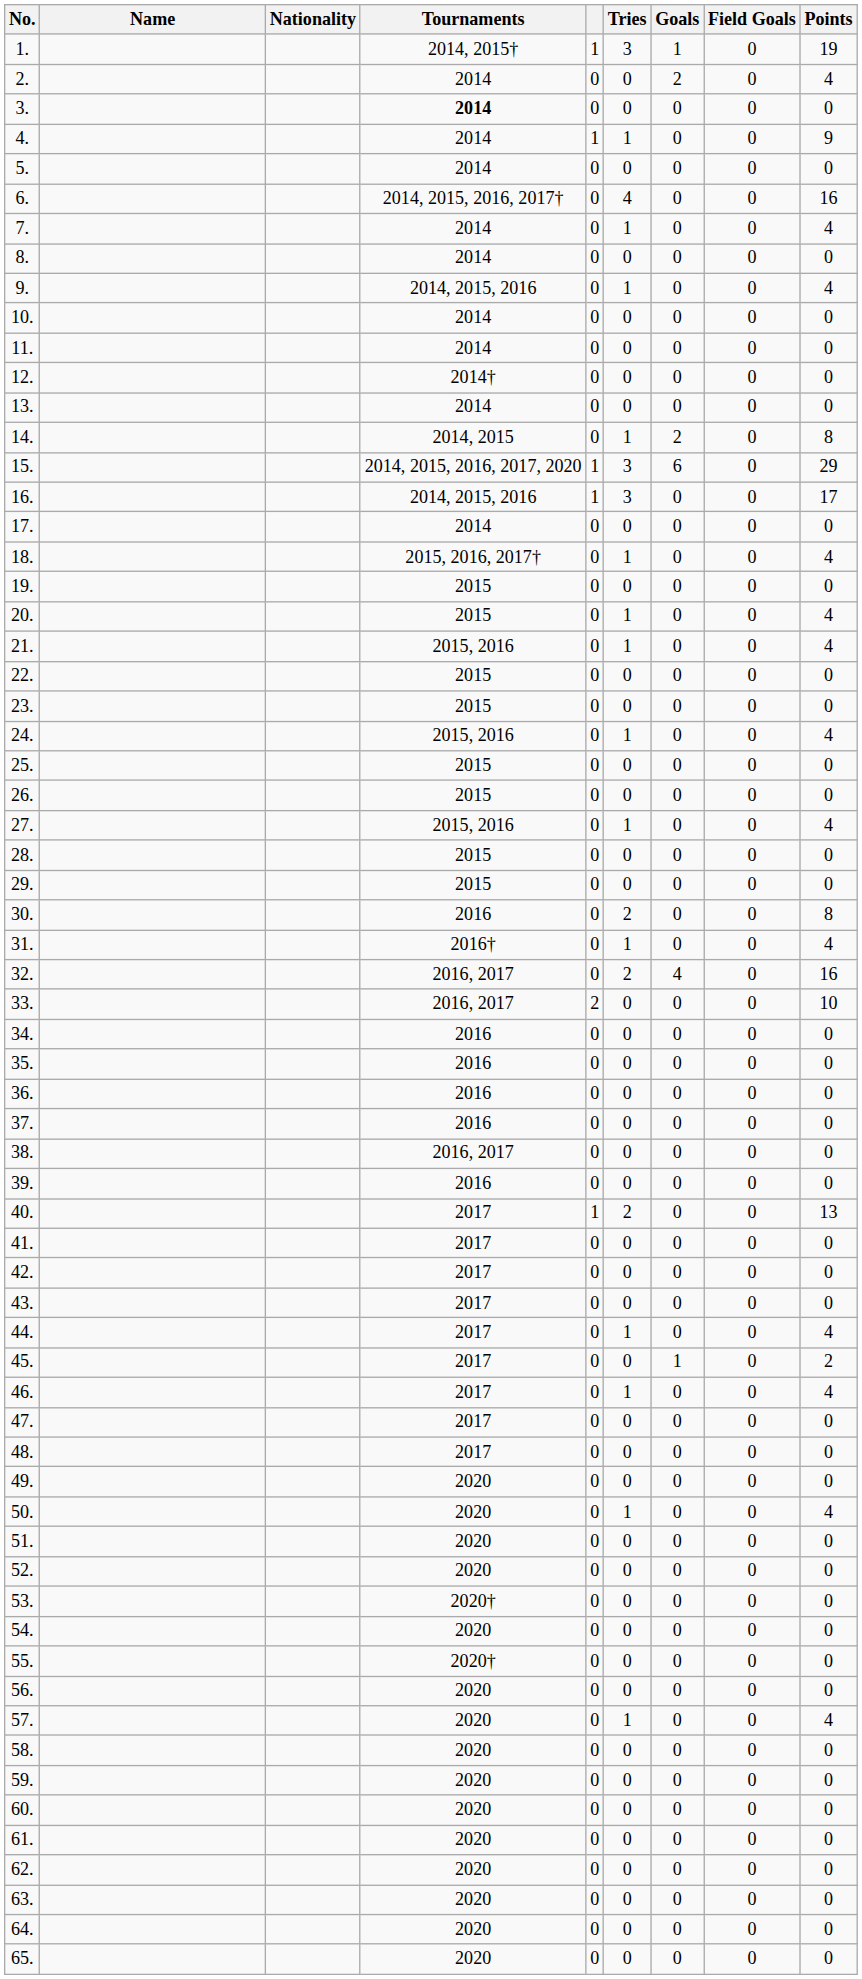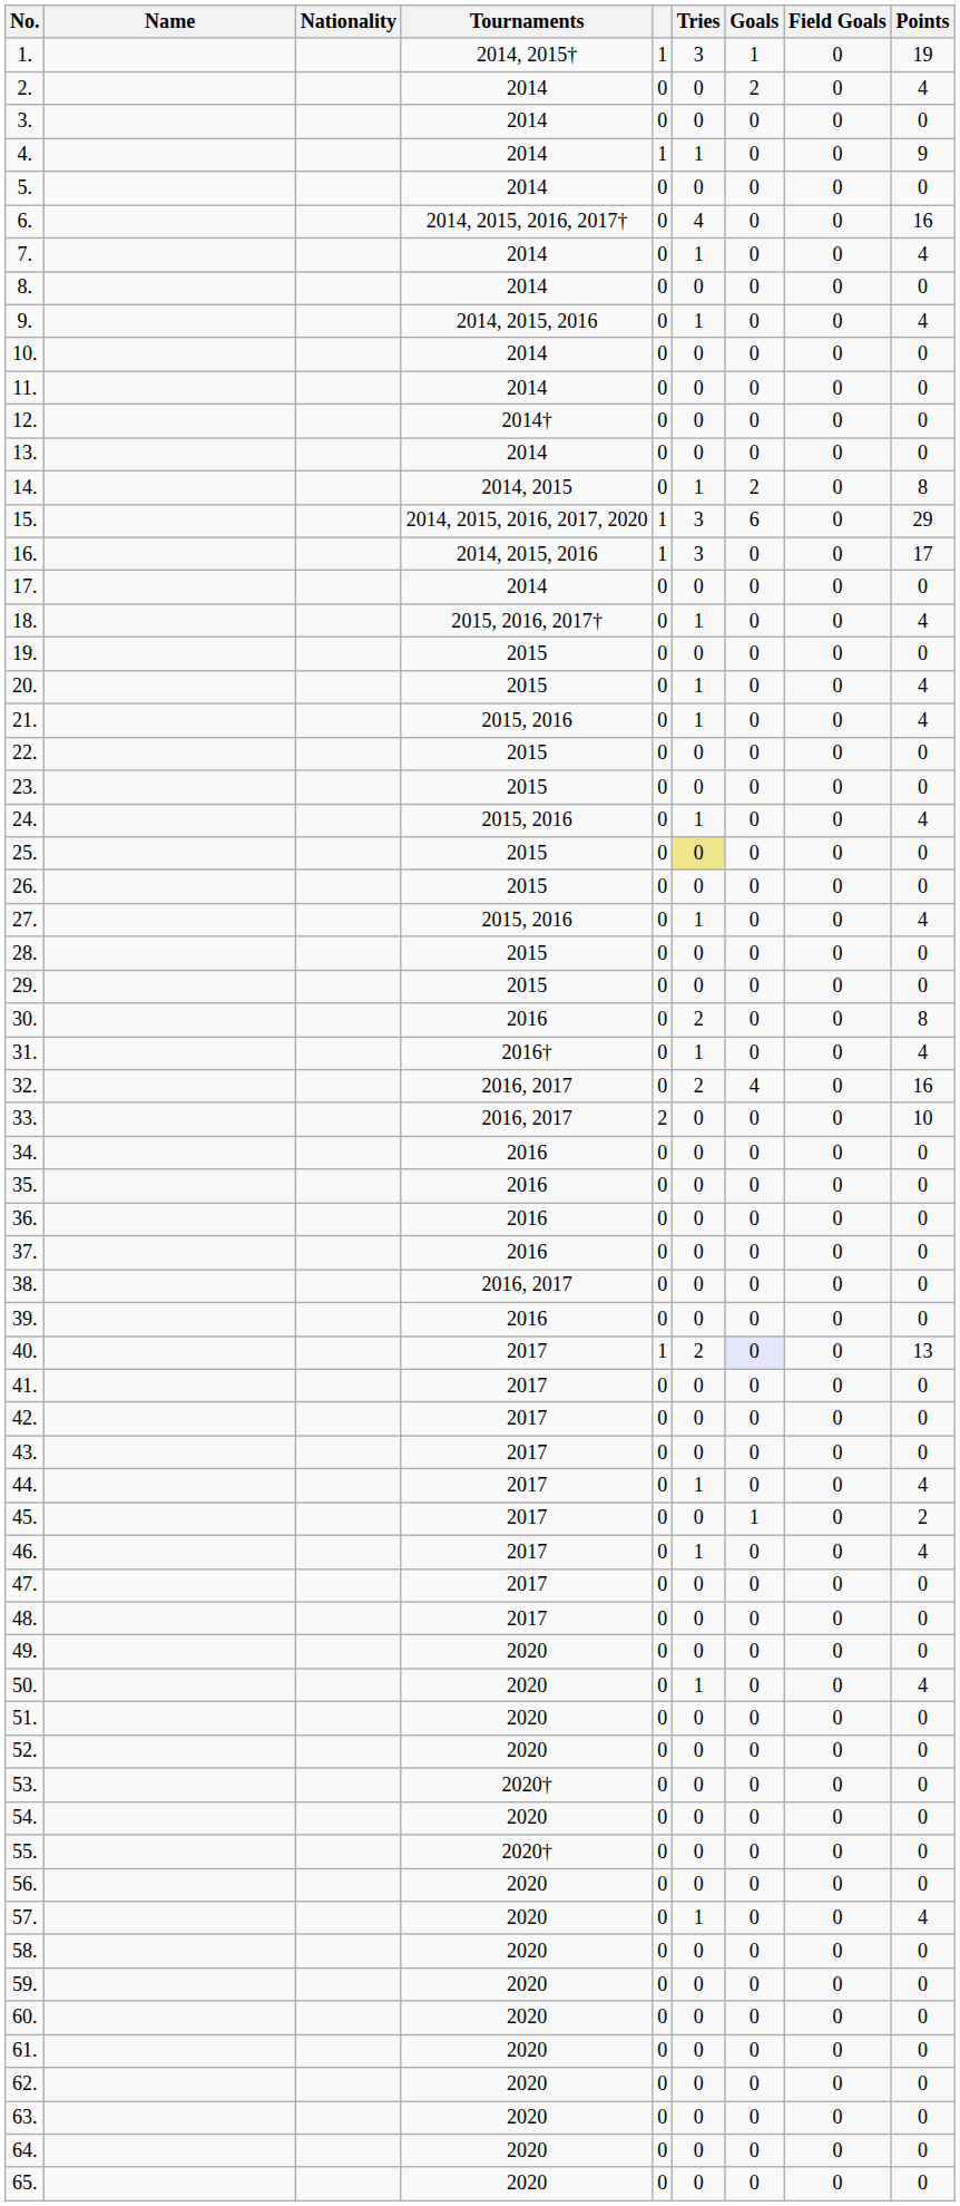 <table class="wikitable sortable" style="text-align: center; font-size:85%">
 <tr>
 <th>No.</th>
 <th style="width:12em">Name</th>
 <th>Nationality</th>
 <th>Tournaments</th>
 <th></th>
 <th>Tries</th>
 <th>Goals</th>
 <th>Field Goals</th>
 <th>Points</th>
 </tr>
 <tr>
 <td>1.</td>
 <td></td>
 <td></td>
 <td>2014, 2015†</td>
 <td>1</td>
 <td>3</td>
 <td>1</td>
 <td>0</td>
 <td>19</td>
 </tr>
 <tr>
 <td>2.</td>
 <td></td>
 <td></td>
 <td>2014</td>
 <td>0</td>
 <td>0</td>
 <td>2</td>
 <td>0</td>
 <td>4</td>
 </tr>
 <tr>
 <td>3.</td>
 <td></td>
 <td></td>
-<td><strong>2014</strong></td>
+<td>2014</td>
 <td>0</td>
 <td>0</td>
 <td>0</td>
 <td>0</td>
 <td>0</td>
 </tr>
 <tr>
 <td>4.</td>
 <td></td>
 <td></td>
 <td>2014</td>
 <td>1</td>
 <td>1</td>
 <td>0</td>
 <td>0</td>
 <td>9</td>
 </tr>
 <tr>
 <td>5.</td>
 <td></td>
 <td></td>
 <td>2014</td>
 <td>0</td>
 <td>0</td>
 <td>0</td>
 <td>0</td>
 <td>0</td>
 </tr>
 <tr>
 <td>6.</td>
 <td></td>
 <td></td>
 <td>2014, 2015, 2016, 2017†</td>
 <td>0</td>
 <td>4</td>
 <td>0</td>
 <td>0</td>
 <td>16</td>
 </tr>
 <tr>
 <td>7.</td>
 <td></td>
 <td></td>
 <td>2014</td>
 <td>0</td>
 <td>1</td>
 <td>0</td>
 <td>0</td>
 <td>4</td>
 </tr>
 <tr>
 <td>8.</td>
 <td></td>
 <td></td>
 <td>2014</td>
 <td>0</td>
 <td>0</td>
 <td>0</td>
 <td>0</td>
 <td>0</td>
 </tr>
 <tr>
 <td>9.</td>
 <td></td>
 <td></td>
 <td>2014, 2015, 2016</td>
 <td>0</td>
 <td>1</td>
 <td>0</td>
 <td>0</td>
 <td>4</td>
 </tr>
 <tr>
 <td>10.</td>
 <td></td>
 <td></td>
 <td>2014</td>
 <td>0</td>
 <td>0</td>
 <td>0</td>
 <td>0</td>
 <td>0</td>
 </tr>
 <tr>
 <td>11.</td>
 <td></td>
 <td></td>
 <td>2014</td>
 <td>0</td>
 <td>0</td>
 <td>0</td>
 <td>0</td>
 <td>0</td>
 </tr>
 <tr>
 <td>12.</td>
 <td></td>
 <td></td>
 <td>2014†</td>
 <td>0</td>
 <td>0</td>
 <td>0</td>
 <td>0</td>
 <td>0</td>
 </tr>
 <tr>
 <td>13.</td>
 <td></td>
 <td></td>
 <td>2014</td>
 <td>0</td>
 <td>0</td>
 <td>0</td>
 <td>0</td>
 <td>0</td>
 </tr>
 <tr>
 <td>14.</td>
 <td></td>
 <td></td>
 <td>2014, 2015</td>
 <td>0</td>
 <td>1</td>
 <td>2</td>
 <td>0</td>
 <td>8</td>
 </tr>
 <tr>
 <td>15.</td>
 <td></td>
 <td></td>
 <td>2014, 2015, 2016, 2017, 2020</td>
 <td>1</td>
 <td>3</td>
 <td>6</td>
 <td>0</td>
 <td>29</td>
 </tr>
 <tr>
 <td>16.</td>
 <td></td>
 <td></td>
 <td>2014, 2015, 2016</td>
 <td>1</td>
 <td>3</td>
 <td>0</td>
 <td>0</td>
 <td>17</td>
 </tr>
 <tr>
 <td>17.</td>
 <td></td>
 <td></td>
 <td>2014</td>
 <td>0</td>
 <td>0</td>
 <td>0</td>
 <td>0</td>
 <td>0</td>
 </tr>
 <tr>
 <td>18.</td>
 <td></td>
 <td></td>
 <td>2015, 2016, 2017†</td>
 <td>0</td>
 <td>1</td>
 <td>0</td>
 <td>0</td>
 <td>4</td>
 </tr>
 <tr>
 <td>19.</td>
 <td></td>
 <td></td>
 <td>2015</td>
 <td>0</td>
 <td>0</td>
 <td>0</td>
 <td>0</td>
 <td>0</td>
 </tr>
 <tr>
 <td>20.</td>
 <td></td>
 <td></td>
 <td>2015</td>
 <td>0</td>
 <td>1</td>
 <td>0</td>
 <td>0</td>
 <td>4</td>
 </tr>
 <tr>
 <td>21.</td>
 <td></td>
 <td></td>
 <td>2015, 2016</td>
 <td>0</td>
 <td>1</td>
 <td>0</td>
 <td>0</td>
 <td>4</td>
 </tr>
 <tr>
 <td>22.</td>
 <td></td>
 <td></td>
 <td>2015</td>
 <td>0</td>
 <td>0</td>
 <td>0</td>
 <td>0</td>
 <td>0</td>
 </tr>
 <tr>
 <td>23.</td>
 <td></td>
 <td></td>
 <td>2015</td>
 <td>0</td>
 <td>0</td>
 <td>0</td>
 <td>0</td>
 <td>0</td>
 </tr>
 <tr>
 <td>24.</td>
 <td></td>
 <td></td>
 <td>2015, 2016</td>
 <td>0</td>
 <td>1</td>
 <td>0</td>
 <td>0</td>
 <td>4</td>
 </tr>
 <tr>
 <td>25.</td>
 <td></td>
 <td></td>
 <td>2015</td>
 <td>0</td>
-<td>0</td>
+<td style="background: khaki;">0</td>
 <td>0</td>
 <td>0</td>
 <td>0</td>
 </tr>
 <tr>
 <td>26.</td>
 <td></td>
 <td></td>
 <td>2015</td>
 <td>0</td>
 <td>0</td>
 <td>0</td>
 <td>0</td>
 <td>0</td>
 </tr>
 <tr>
 <td>27.</td>
 <td></td>
 <td></td>
 <td>2015, 2016</td>
 <td>0</td>
 <td>1</td>
 <td>0</td>
 <td>0</td>
 <td>4</td>
 </tr>
 <tr>
 <td>28.</td>
 <td></td>
 <td></td>
 <td>2015</td>
 <td>0</td>
 <td>0</td>
 <td>0</td>
 <td>0</td>
 <td>0</td>
 </tr>
 <tr>
 <td>29.</td>
 <td></td>
 <td></td>
 <td>2015</td>
 <td>0</td>
 <td>0</td>
 <td>0</td>
 <td>0</td>
 <td>0</td>
 </tr>
 <tr>
 <td>30.</td>
 <td></td>
 <td></td>
 <td>2016</td>
 <td>0</td>
 <td>2</td>
 <td>0</td>
 <td>0</td>
 <td>8</td>
 </tr>
 <tr>
 <td>31.</td>
 <td></td>
 <td></td>
 <td>2016†</td>
 <td>0</td>
 <td>1</td>
 <td>0</td>
 <td>0</td>
 <td>4</td>
 </tr>
 <tr>
 <td>32.</td>
 <td></td>
 <td></td>
 <td>2016, 2017</td>
 <td>0</td>
 <td>2</td>
 <td>4</td>
 <td>0</td>
 <td>16</td>
 </tr>
 <tr>
 <td>33.</td>
 <td></td>
 <td></td>
 <td>2016, 2017</td>
 <td>2</td>
 <td>0</td>
 <td>0</td>
 <td>0</td>
 <td>10</td>
 </tr>
 <tr>
 <td>34.</td>
 <td></td>
 <td></td>
 <td>2016</td>
 <td>0</td>
 <td>0</td>
 <td>0</td>
 <td>0</td>
 <td>0</td>
 </tr>
 <tr>
 <td>35.</td>
 <td></td>
 <td></td>
 <td>2016</td>
 <td>0</td>
 <td>0</td>
 <td>0</td>
 <td>0</td>
 <td>0</td>
 </tr>
 <tr>
 <td>36.</td>
 <td></td>
 <td></td>
 <td>2016</td>
 <td>0</td>
 <td>0</td>
 <td>0</td>
 <td>0</td>
 <td>0</td>
 </tr>
 <tr>
 <td>37.</td>
 <td></td>
 <td></td>
 <td>2016</td>
 <td>0</td>
 <td>0</td>
 <td>0</td>
 <td>0</td>
 <td>0</td>
 </tr>
 <tr>
 <td>38.</td>
 <td></td>
 <td></td>
 <td>2016, 2017</td>
 <td>0</td>
 <td>0</td>
 <td>0</td>
 <td>0</td>
 <td>0</td>
 </tr>
 <tr>
 <td>39.</td>
 <td></td>
 <td></td>
 <td>2016</td>
 <td>0</td>
 <td>0</td>
 <td>0</td>
 <td>0</td>
 <td>0</td>
 </tr>
 <tr>
 <td>40.</td>
 <td></td>
 <td></td>
 <td>2017</td>
 <td>1</td>
 <td>2</td>
-<td>0</td>
+<td style="background: lavender;">0</td>
 <td>0</td>
 <td>13</td>
 </tr>
 <tr>
 <td>41.</td>
 <td></td>
 <td></td>
 <td>2017</td>
 <td>0</td>
 <td>0</td>
 <td>0</td>
 <td>0</td>
 <td>0</td>
 </tr>
 <tr>
 <td>42.</td>
 <td></td>
 <td></td>
 <td>2017</td>
 <td>0</td>
 <td>0</td>
 <td>0</td>
 <td>0</td>
 <td>0</td>
 </tr>
 <tr>
 <td>43.</td>
 <td></td>
 <td></td>
 <td>2017</td>
 <td>0</td>
 <td>0</td>
 <td>0</td>
 <td>0</td>
 <td>0</td>
 </tr>
 <tr>
 <td>44.</td>
 <td></td>
 <td></td>
 <td>2017</td>
 <td>0</td>
 <td>1</td>
 <td>0</td>
 <td>0</td>
 <td>4</td>
 </tr>
 <tr>
 <td>45.</td>
 <td></td>
 <td></td>
 <td>2017</td>
 <td>0</td>
 <td>0</td>
 <td>1</td>
 <td>0</td>
 <td>2</td>
 </tr>
 <tr>
 <td>46.</td>
 <td></td>
 <td></td>
 <td>2017</td>
 <td>0</td>
 <td>1</td>
 <td>0</td>
 <td>0</td>
 <td>4</td>
 </tr>
 <tr>
 <td>47.</td>
 <td></td>
 <td></td>
 <td>2017</td>
 <td>0</td>
 <td>0</td>
 <td>0</td>
 <td>0</td>
 <td>0</td>
 </tr>
 <tr>
 <td>48.</td>
 <td></td>
 <td></td>
 <td>2017</td>
 <td>0</td>
 <td>0</td>
 <td>0</td>
 <td>0</td>
 <td>0</td>
 </tr>
 <tr>
 <td>49.</td>
 <td></td>
 <td></td>
 <td>2020</td>
 <td>0</td>
 <td>0</td>
 <td>0</td>
 <td>0</td>
 <td>0</td>
 </tr>
 <tr>
 <td>50.</td>
 <td></td>
 <td></td>
 <td>2020</td>
 <td>0</td>
 <td>1</td>
 <td>0</td>
 <td>0</td>
 <td>4</td>
 </tr>
 <tr>
 <td>51.</td>
 <td></td>
 <td></td>
 <td>2020</td>
 <td>0</td>
 <td>0</td>
 <td>0</td>
 <td>0</td>
 <td>0</td>
 </tr>
 <tr>
 <td>52.</td>
 <td></td>
 <td></td>
 <td>2020</td>
 <td>0</td>
 <td>0</td>
 <td>0</td>
 <td>0</td>
 <td>0</td>
 </tr>
 <tr>
 <td>53.</td>
 <td></td>
 <td></td>
 <td>2020†</td>
 <td>0</td>
 <td>0</td>
 <td>0</td>
 <td>0</td>
 <td>0</td>
 </tr>
 <tr>
 <td>54.</td>
 <td></td>
 <td></td>
 <td>2020</td>
 <td>0</td>
 <td>0</td>
 <td>0</td>
 <td>0</td>
 <td>0</td>
 </tr>
 <tr>
 <td>55.</td>
 <td></td>
 <td></td>
 <td>2020†</td>
 <td>0</td>
 <td>0</td>
 <td>0</td>
 <td>0</td>
 <td>0</td>
 </tr>
 <tr>
 <td>56.</td>
 <td></td>
 <td></td>
 <td>2020</td>
 <td>0</td>
 <td>0</td>
 <td>0</td>
 <td>0</td>
 <td>0</td>
 </tr>
 <tr>
 <td>57.</td>
 <td></td>
 <td></td>
 <td>2020</td>
 <td>0</td>
 <td>1</td>
 <td>0</td>
 <td>0</td>
 <td>4</td>
 </tr>
 <tr>
 <td>58.</td>
 <td></td>
 <td></td>
 <td>2020</td>
 <td>0</td>
 <td>0</td>
 <td>0</td>
 <td>0</td>
 <td>0</td>
 </tr>
 <tr>
 <td>59.</td>
 <td></td>
 <td></td>
 <td>2020</td>
 <td>0</td>
 <td>0</td>
 <td>0</td>
 <td>0</td>
 <td>0</td>
 </tr>
 <tr>
 <td>60.</td>
 <td></td>
 <td></td>
 <td>2020</td>
 <td>0</td>
 <td>0</td>
 <td>0</td>
 <td>0</td>
 <td>0</td>
 </tr>
 <tr>
 <td>61.</td>
 <td></td>
 <td></td>
 <td>2020</td>
 <td>0</td>
 <td>0</td>
 <td>0</td>
 <td>0</td>
 <td>0</td>
 </tr>
 <tr>
 <td>62.</td>
 <td></td>
 <td></td>
 <td>2020</td>
 <td>0</td>
 <td>0</td>
 <td>0</td>
 <td>0</td>
 <td>0</td>
 </tr>
 <tr>
 <td>63.</td>
 <td></td>
 <td></td>
 <td>2020</td>
 <td>0</td>
 <td>0</td>
 <td>0</td>
 <td>0</td>
 <td>0</td>
 </tr>
 <tr>
 <td>64.</td>
 <td></td>
 <td></td>
 <td>2020</td>
 <td>0</td>
 <td>0</td>
 <td>0</td>
 <td>0</td>
 <td>0</td>
 </tr>
 <tr>
 <td>65.</td>
 <td></td>
 <td></td>
 <td>2020</td>
 <td>0</td>
 <td>0</td>
 <td>0</td>
 <td>0</td>
 <td>0</td>
 </tr>
 </table>
